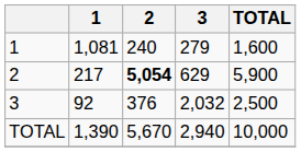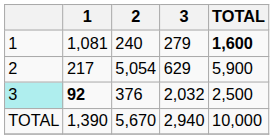 <table class="wikitable" style="margin:1em auto;">
 <tr>
 <th></th>
 <th>1</th>
 <th>2</th>
 <th>3</th>
 <th>TOTAL</th>
 </tr>
 <tr>
 <td>1</td>
 <td>1,081</td>
 <td>240</td>
 <td>279</td>
-<td>1,600</td>
+<td><strong>1,600</strong></td>
 </tr>
 <tr>
 <td>2</td>
 <td>217</td>
-<td><strong>5,054</strong></td>
+<td>5,054</td>
 <td>629</td>
 <td>5,900</td>
 </tr>
 <tr>
-<td>3</td>
-<td>92</td>
+<td style="background: paleturquoise;">3</td>
+<td><strong>92</strong></td>
 <td>376</td>
 <td>2,032</td>
 <td>2,500</td>
 </tr>
 <tr>
 <td>TOTAL</td>
 <td>1,390</td>
 <td>5,670</td>
 <td>2,940</td>
 <td>10,000</td>
 </tr>
 <tr>
 </tr>
 </table>
